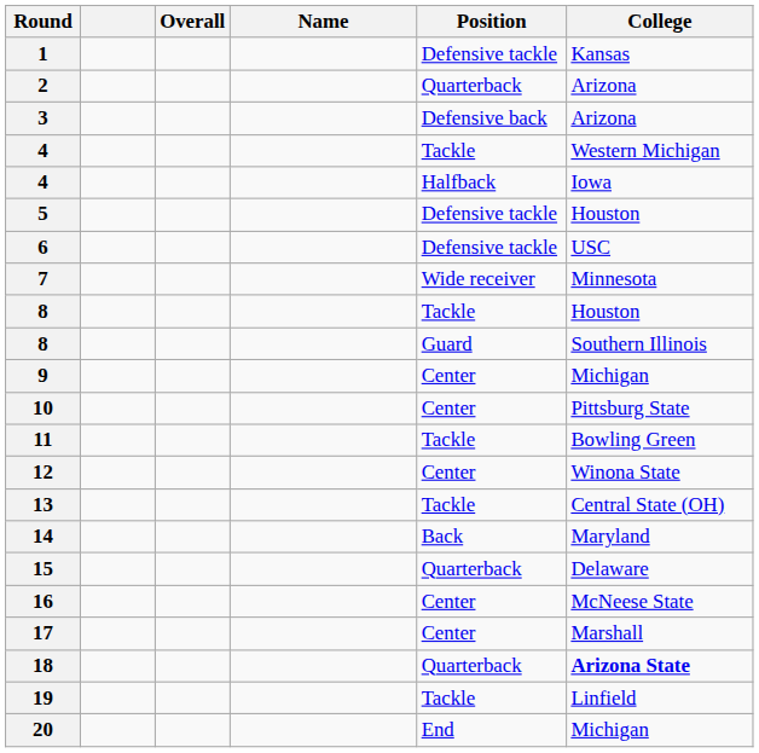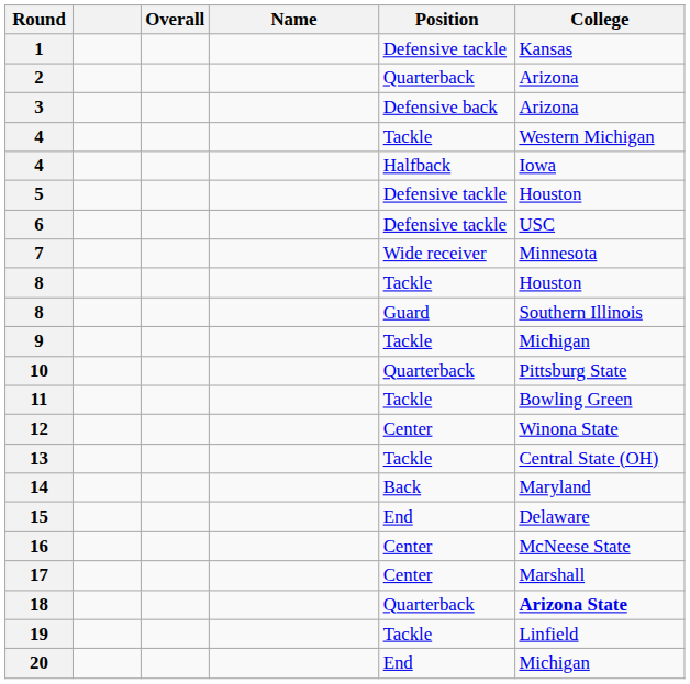 <table class="wikitable sortable">
 <tr>
 <th scope="col" style="width: 10%;">Round</th>
 <th scope="col" style="width: 10%;"></th>
 <th scope="col" style="width: 10%;">Overall</th>
 <th scope="col" style="width: 25%;">Name</th>
 <th scope="col" style="width: 20%;">Position</th>
 <th scope="col" style="width: 25%;">College</th>
 </tr>
 <tr>
 <th scope="row">1</th>
 <td></td>
 <td></td>
 <td></td>
 <td><a href='#'>Defensive tackle</a></td>
 <td><a href='#'>Kansas</a></td>
 </tr>
 <tr>
 <th scope="row">2</th>
 <td></td>
 <td></td>
 <td></td>
 <td><a href='#'>Quarterback</a></td>
 <td><a href='#'>Arizona</a></td>
 </tr>
 <tr>
 <th scope="row">3</th>
 <td></td>
 <td></td>
 <td></td>
 <td><a href='#'>Defensive back</a></td>
 <td><a href='#'>Arizona</a></td>
 </tr>
 <tr>
 <th scope="row">4</th>
 <td></td>
 <td></td>
 <td></td>
 <td><a href='#'>Tackle</a></td>
 <td><a href='#'>Western Michigan</a></td>
 </tr>
 <tr>
 <th scope="row">4</th>
 <td></td>
 <td></td>
 <td></td>
 <td><a href='#'>Halfback</a></td>
 <td><a href='#'>Iowa</a></td>
 </tr>
 <tr>
 <th scope="row">5</th>
 <td></td>
 <td></td>
 <td></td>
 <td><a href='#'>Defensive tackle</a></td>
 <td><a href='#'>Houston</a></td>
 </tr>
 <tr>
 <th scope="row">6</th>
 <td></td>
 <td></td>
 <td></td>
 <td><a href='#'>Defensive tackle</a></td>
 <td><a href='#'>USC</a></td>
 </tr>
 <tr>
 <th scope="row">7</th>
 <td></td>
 <td></td>
 <td></td>
 <td><a href='#'>Wide receiver</a></td>
 <td><a href='#'>Minnesota</a></td>
 </tr>
 <tr>
 <th scope="row">8</th>
 <td></td>
 <td></td>
 <td></td>
 <td><a href='#'>Tackle</a></td>
 <td><a href='#'>Houston</a></td>
 </tr>
 <tr>
 <th scope="row">8</th>
 <td></td>
 <td></td>
 <td></td>
 <td><a href='#'>Guard</a></td>
 <td><a href='#'>Southern Illinois</a></td>
 </tr>
 <tr>
 <th scope="row">9</th>
 <td></td>
 <td></td>
 <td></td>
-<td><a href='#'>Center</a></td>
+<td><a href='#'>Tackle</a></td>
 <td><a href='#'>Michigan</a></td>
 </tr>
 <tr>
 <th scope="row">10</th>
 <td></td>
 <td></td>
 <td></td>
-<td><a href='#'>Center</a></td>
+<td><a href='#'>Quarterback</a></td>
 <td><a href='#'>Pittsburg State</a></td>
 </tr>
 <tr>
 <th scope="row">11</th>
 <td></td>
 <td></td>
 <td></td>
 <td><a href='#'>Tackle</a></td>
 <td><a href='#'>Bowling Green</a></td>
 </tr>
 <tr>
 <th scope="row">12</th>
 <td></td>
 <td></td>
 <td></td>
 <td><a href='#'>Center</a></td>
 <td><a href='#'>Winona State</a></td>
 </tr>
 <tr>
 <th scope="row">13</th>
 <td></td>
 <td></td>
 <td></td>
 <td><a href='#'>Tackle</a></td>
 <td><a href='#'>Central State (OH)</a></td>
 </tr>
 <tr>
 <th scope="row">14</th>
 <td></td>
 <td></td>
 <td></td>
 <td><a href='#'>Back</a></td>
 <td><a href='#'>Maryland</a></td>
 </tr>
 <tr>
 <th scope="row">15</th>
 <td></td>
 <td></td>
 <td></td>
-<td><a href='#'>Quarterback</a></td>
+<td><a href='#'>End</a></td>
 <td><a href='#'>Delaware</a></td>
 </tr>
 <tr>
 <th scope="row">16</th>
 <td></td>
 <td></td>
 <td></td>
 <td><a href='#'>Center</a></td>
 <td><a href='#'>McNeese State</a></td>
 </tr>
 <tr>
 <th scope="row">17</th>
 <td></td>
 <td></td>
 <td></td>
 <td><a href='#'>Center</a></td>
 <td><a href='#'>Marshall</a></td>
 </tr>
 <tr>
 <th scope="row">18</th>
 <td></td>
 <td></td>
 <td></td>
 <td><a href='#'>Quarterback</a></td>
 <td><strong><a href='#'>Arizona State</a></strong></td>
 </tr>
 <tr>
 <th scope="row">19</th>
 <td></td>
 <td></td>
 <td></td>
 <td><a href='#'>Tackle</a></td>
 <td><a href='#'>Linfield</a></td>
 </tr>
 <tr>
 <th scope="row">20</th>
 <td></td>
 <td></td>
 <td></td>
 <td><a href='#'>End</a></td>
 <td><a href='#'>Michigan</a></td>
 </tr>
 </table>
